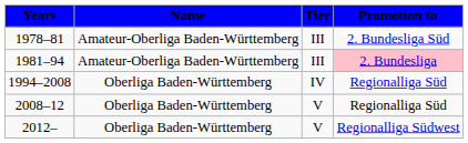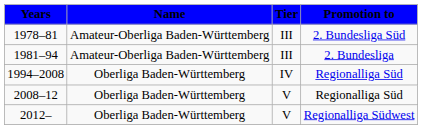 <table class="wikitable">
 <tr align="center" style="background:blue">
 <td><strong>Years</strong></td>
 <td colspan=2><strong>Name</strong></td>
 <td><strong>Tier</strong></td>
 <td><strong>Promotion to</strong></td>
 </tr>
 <tr align="center">
 <td>1978–81</td>
 <td colspan=2>Amateur-Oberliga Baden-Württemberg</td>
 <td>III</td>
 <td><a href='#'>2. Bundesliga Süd</a></td>
 </tr>
 <tr align="center">
 <td>1981–94</td>
 <td colspan=2>Amateur-Oberliga Baden-Württemberg</td>
 <td>III</td>
-<td style="background: pink;"><a href='#'>2. Bundesliga</a></td>
+<td><a href='#'>2. Bundesliga</a></td>
 </tr>
 <tr align="center">
 <td>1994–2008</td>
 <td colspan=2>Oberliga Baden-Württemberg</td>
 <td>IV</td>
 <td><a href='#'>Regionalliga Süd</a></td>
 </tr>
 <tr align="center">
 <td>2008–12</td>
 <td colspan=2>Oberliga Baden-Württemberg</td>
 <td>V</td>
 <td>Regionalliga Süd</td>
 </tr>
 <tr align="center">
 <td>2012–</td>
 <td colspan=2>Oberliga Baden-Württemberg</td>
 <td>V</td>
 <td><a href='#'>Regionalliga Südwest</a></td>
 </tr>
 </table>
